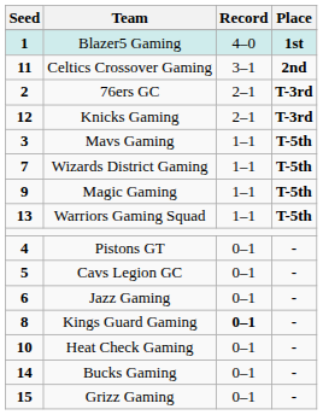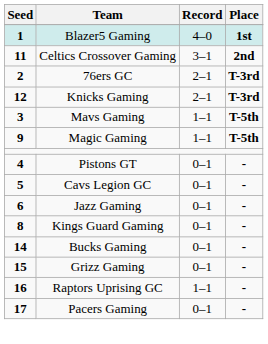 <table class="wikitable notsortable" style="text-align:center; font-size:100%">
 <tr>
 <th>Seed</th>
 <th>Team</th>
 <th>Record</th>
 <th>Place</th>
 </tr>
 <tr>
 </tr>
 <tr style="background:#CFECEC">
 <td style="text-align:center"><strong>1</strong></td>
 <td>Blazer5 Gaming</td>
 <td>4–0</td>
 <td><strong>1st</strong></td>
 </tr>
 <tr>
 <td style="text-align:center"><strong>11</strong></td>
 <td>Celtics Crossover Gaming</td>
 <td>3–1</td>
 <td><strong>2nd</strong></td>
 </tr>
 <tr>
 <td style="text-align:center"><strong>2</strong></td>
 <td>76ers GC</td>
 <td>2–1</td>
 <td><strong>T-3rd</strong></td>
 </tr>
 <tr>
 <td style="text-align:center"><strong>12</strong></td>
 <td>Knicks Gaming</td>
 <td>2–1</td>
 <td><strong>T-3rd</strong></td>
 </tr>
 <tr>
 <td style="text-align:center"><strong>3</strong></td>
 <td>Mavs Gaming</td>
 <td>1–1</td>
 <td><strong>T-5th</strong></td>
 </tr>
 <tr>
-<td style="text-align:center"><strong>7</strong></td>
-<td>Wizards District Gaming</td>
-<td>1–1</td>
-<td><strong>T-5th</strong></td>
-</tr>
-<tr>
 <td style="text-align:center"><strong>9</strong></td>
 <td>Magic Gaming</td>
-<td>1–1</td>
-<td><strong>T-5th</strong></td>
-</tr>
-<tr>
-<td style="text-align:center"><strong>13</strong></td>
-<td>Warriors Gaming Squad</td>
 <td>1–1</td>
 <td><strong>T-5th</strong></td>
 </tr>
 <tr>
 <td colspan=4></td>
 </tr>
 <tr>
 <td style="text-align:center"><strong>4</strong></td>
 <td>Pistons GT</td>
 <td>0–1</td>
 <td><strong>-</strong></td>
 </tr>
 <tr>
 <td style="text-align:center"><strong>5</strong></td>
 <td>Cavs Legion GC</td>
 <td>0–1</td>
 <td><strong>-</strong></td>
 </tr>
 <tr>
 <td style="text-align:center"><strong>6</strong></td>
 <td>Jazz Gaming</td>
 <td>0–1</td>
 <td><strong>-</strong></td>
 </tr>
 <tr>
 <td style="text-align:center"><strong>8</strong></td>
 <td>Kings Guard Gaming</td>
-<td><strong>0–1</strong></td>
-<td><strong>-</strong></td>
-</tr>
-<tr>
-<td style="text-align:center"><strong>10</strong></td>
-<td>Heat Check Gaming</td>
 <td>0–1</td>
 <td><strong>-</strong></td>
 </tr>
 <tr>
 <td style="text-align:center"><strong>14</strong></td>
 <td>Bucks Gaming</td>
 <td>0–1</td>
 <td><strong>-</strong></td>
 </tr>
 <tr>
 <td style="text-align:center"><strong>15</strong></td>
 <td>Grizz Gaming</td>
 <td>0–1</td>
 <td><strong>-</strong></td>
 </tr>
+<tr>
+<td style="text-align:center"><strong>16</strong></td>
+<td>Raptors Uprising GC</td>
+<td>1–1</td>
+<td><strong>-</strong></td>
+</tr>
+<tr>
+<td style="text-align:center"><strong>17</strong></td>
+<td>Pacers Gaming</td>
+<td>0–1</td>
+<td><strong>-</strong></td>
+</tr>
 </table>
